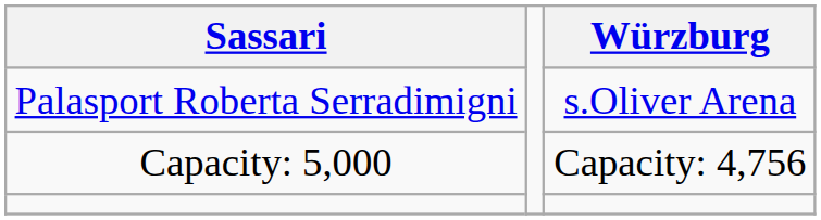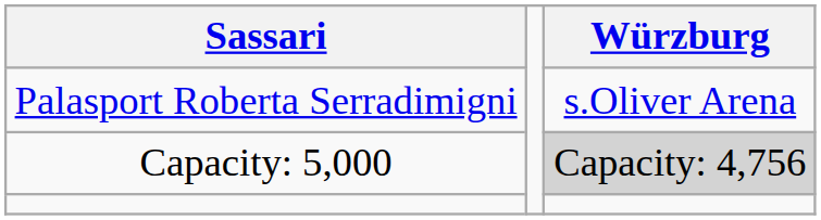 <table class="wikitable" style="text-align:center">
 <tr>
 <th><a href='#'>Sassari</a></th>
 <td rowspan=4></td>
 <th><a href='#'>Würzburg</a></th>
 </tr>
 <tr>
 <td><a href='#'>Palasport Roberta Serradimigni</a></td>
 <td><a href='#'>s.Oliver Arena</a></td>
 </tr>
 <tr>
 <td>Capacity: 5,000</td>
-<td>Capacity: 4,756</td>
+<td style="background: lightgrey;">Capacity: 4,756</td>
 </tr>
 <tr>
 <td></td>
 <td></td>
 </tr>
 </table>
